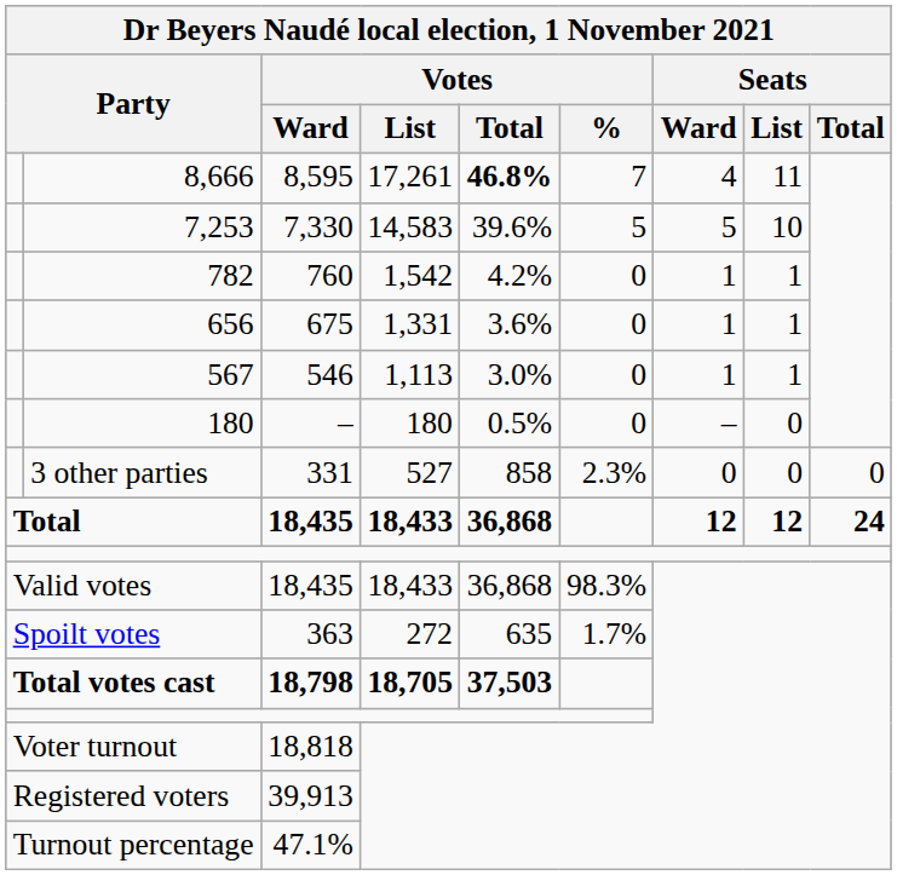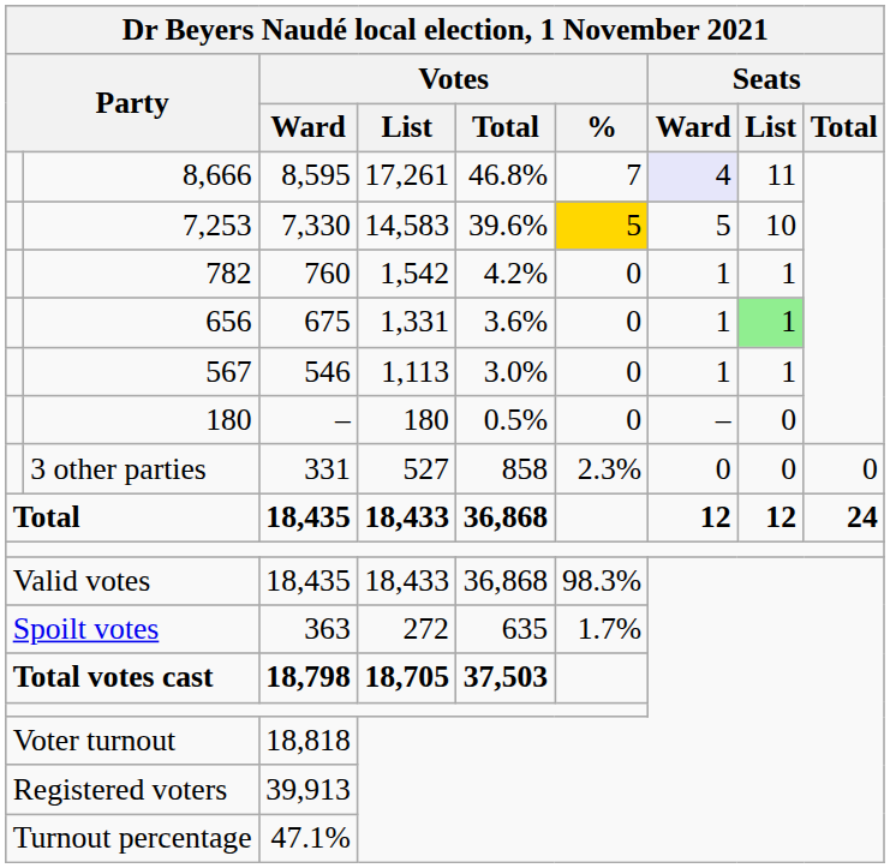 <table class=wikitable style="text-align:right">
 <tr>
 <th colspan="9" align="center">Dr Beyers Naudé local election, 1 November 2021</th>
 </tr>
 <tr>
 <th rowspan="2" colspan="2">Party</th>
 <th colspan="4" align="center">Votes</th>
 <th colspan="3" align="center">Seats</th>
 </tr>
 <tr>
 <th>Ward</th>
 <th>List</th>
 <th>Total</th>
 <th>%</th>
 <th>Ward</th>
 <th>List</th>
 <th>Total</th>
 </tr>
 <tr>
 <td></td>
 <td>8,666</td>
 <td>8,595</td>
 <td>17,261</td>
-<td><strong>46.8%</strong></td>
+<td>46.8%</td>
 <td>7</td>
-<td>4</td>
+<td style="background: lavender;">4</td>
 <td>11</td>
 </tr>
 <tr>
 <td></td>
 <td>7,253</td>
 <td>7,330</td>
 <td>14,583</td>
 <td>39.6%</td>
-<td>5</td>
+<td style="background: gold;">5</td>
 <td>5</td>
 <td>10</td>
 </tr>
 <tr>
 <td></td>
 <td>782</td>
 <td>760</td>
 <td>1,542</td>
 <td>4.2%</td>
 <td>0</td>
 <td>1</td>
 <td>1</td>
 </tr>
 <tr>
 <td></td>
 <td>656</td>
 <td>675</td>
 <td>1,331</td>
 <td>3.6%</td>
 <td>0</td>
 <td>1</td>
-<td>1</td>
+<td style="background: lightgreen;">1</td>
 </tr>
 <tr>
 <td></td>
 <td>567</td>
 <td>546</td>
 <td>1,113</td>
 <td>3.0%</td>
 <td>0</td>
 <td>1</td>
 <td>1</td>
 </tr>
 <tr>
 <td></td>
 <td>180</td>
 <td>–</td>
 <td>180</td>
 <td>0.5%</td>
 <td>0</td>
 <td>–</td>
 <td>0</td>
 </tr>
 <tr>
 <td></td>
 <td style="text-align:left">3 other parties</td>
 <td>331</td>
 <td>527</td>
 <td>858</td>
 <td>2.3%</td>
 <td>0</td>
 <td>0</td>
 <td>0</td>
 </tr>
 <tr>
 <td colspan="2" style="text-align:left"><strong>Total</strong></td>
 <td><strong>18,435</strong></td>
 <td><strong>18,433</strong></td>
 <td><strong>36,868</strong></td>
 <td></td>
 <td><strong>12</strong></td>
 <td><strong>12</strong></td>
 <td><strong>24</strong></td>
 </tr>
 <tr>
 <td colspan="9"></td>
 </tr>
 <tr>
 <td colspan="2" style="text-align:left">Valid votes</td>
 <td>18,435</td>
 <td>18,433</td>
 <td>36,868</td>
 <td>98.3%</td>
 </tr>
 <tr>
 <td colspan="2" style="text-align:left"><a href='#'>Spoilt votes</a></td>
 <td>363</td>
 <td>272</td>
 <td>635</td>
 <td>1.7%</td>
 </tr>
 <tr>
 <td colspan="2" style="text-align:left"><strong>Total votes cast</strong></td>
 <td><strong>18,798</strong></td>
 <td><strong>18,705</strong></td>
 <td><strong>37,503</strong></td>
 <td></td>
 </tr>
 <tr>
 <td colspan="6"></td>
 </tr>
 <tr>
 <td colspan="2" style="text-align:left">Voter turnout</td>
 <td>18,818</td>
 </tr>
 <tr>
 <td colspan="2" style="text-align:left">Registered voters</td>
 <td>39,913</td>
 </tr>
 <tr>
 <td colspan="2" style="text-align:left">Turnout percentage</td>
 <td>47.1%</td>
 </tr>
 </table>
